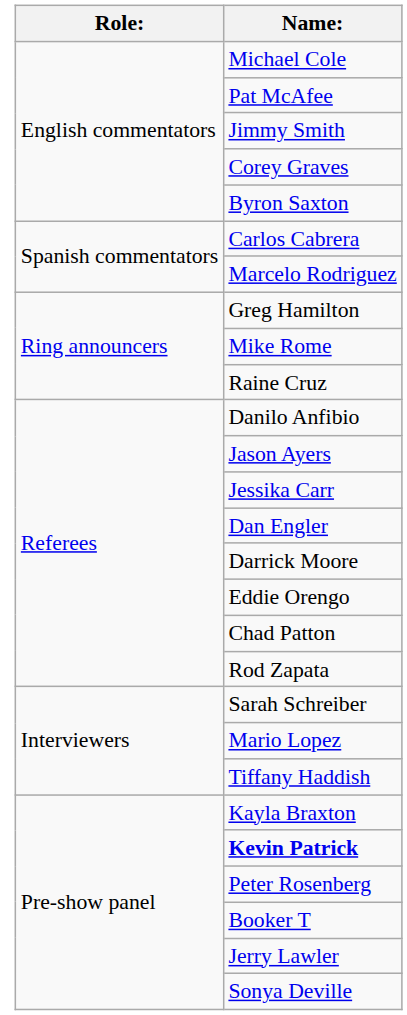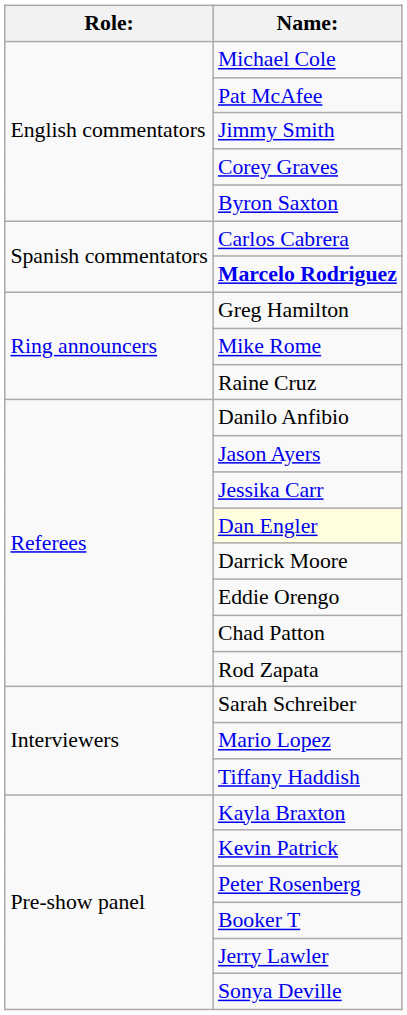 <table class=wikitable style="font-size:90%; margin: 0.5em 0 0.5em 1em; float: right; clear: right;">
 <tr>
 <th>Role:</th>
 <th>Name:</th>
 </tr>
 <tr>
 <td rowspan=5>English commentators</td>
 <td><a href='#'>Michael Cole</a> </td>
 </tr>
 <tr>
 <td><a href='#'>Pat McAfee</a> </td>
 </tr>
 <tr>
 <td><a href='#'>Jimmy Smith</a> </td>
 </tr>
 <tr>
 <td><a href='#'>Corey Graves</a> </td>
 </tr>
 <tr>
 <td><a href='#'>Byron Saxton</a> </td>
 </tr>
 <tr>
 <td rowspan=2>Spanish commentators</td>
 <td><a href='#'>Carlos Cabrera</a></td>
 </tr>
 <tr>
-<td><a href='#'>Marcelo Rodriguez</a></td>
+<td><strong><a href='#'>Marcelo Rodriguez</a></strong></td>
 </tr>
 <tr>
 <td rowspan=3><a href='#'>Ring announcers</a></td>
 <td>Greg Hamilton </td>
 </tr>
 <tr>
 <td><a href='#'>Mike Rome</a> </td>
 </tr>
 <tr>
 <td>Raine Cruz </td>
 </tr>
 <tr>
 <td rowspan=8><a href='#'>Referees</a></td>
 <td>Danilo Anfibio</td>
 </tr>
 <tr>
 <td><a href='#'>Jason Ayers</a></td>
 </tr>
 <tr>
 <td><a href='#'>Jessika Carr</a></td>
 </tr>
 <tr>
-<td><a href='#'>Dan Engler</a></td>
+<td style="background: lightyellow;"><a href='#'>Dan Engler</a></td>
 </tr>
 <tr>
 <td>Darrick Moore</td>
 </tr>
 <tr>
 <td>Eddie Orengo</td>
 </tr>
 <tr>
 <td>Chad Patton</td>
 </tr>
 <tr>
 <td>Rod Zapata</td>
 </tr>
 <tr>
 <td rowspan=3>Interviewers</td>
 <td>Sarah Schreiber</td>
 </tr>
 <tr>
 <td><a href='#'>Mario Lopez</a></td>
 </tr>
 <tr>
 <td><a href='#'>Tiffany Haddish</a></td>
 </tr>
 <tr>
 <td rowspan="6">Pre-show panel</td>
 <td><a href='#'>Kayla Braxton</a></td>
 </tr>
 <tr>
-<td><strong><a href='#'>Kevin Patrick</a></strong></td>
+<td><a href='#'>Kevin Patrick</a></td>
 </tr>
 <tr>
 <td><a href='#'>Peter Rosenberg</a></td>
 </tr>
 <tr>
 <td><a href='#'>Booker T</a></td>
 </tr>
 <tr>
 <td><a href='#'>Jerry Lawler</a></td>
 </tr>
 <tr>
 <td><a href='#'>Sonya Deville</a></td>
 </tr>
 </table>
